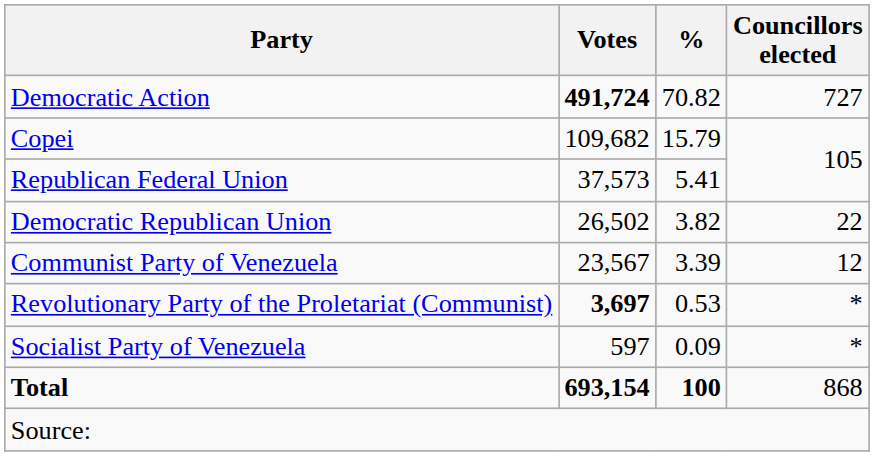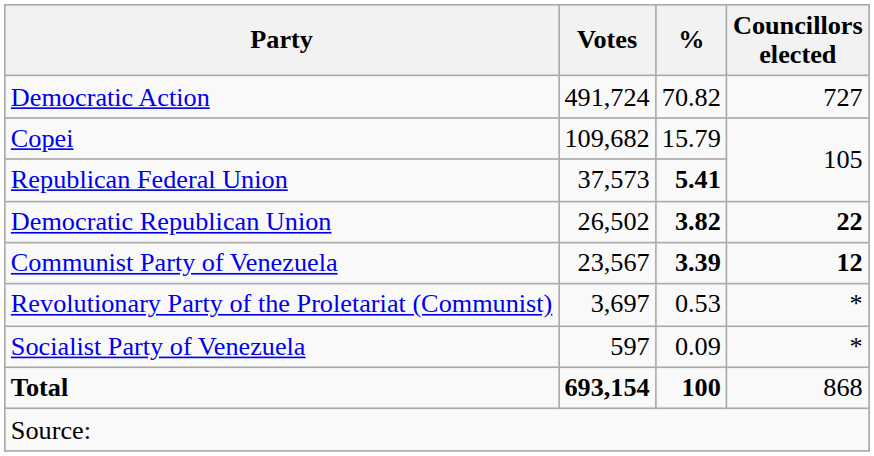 <table class=wikitable style=text-align:right>
 <tr>
 <th>Party</th>
 <th>Votes</th>
 <th>%</th>
 <th>Councillors<br>elected</th>
 </tr>
 <tr>
 <td align=left><a href='#'>Democratic Action</a></td>
-<td><strong>491,724</strong></td>
+<td>491,724</td>
 <td>70.82</td>
 <td>727</td>
 </tr>
 <tr>
 <td align=left><a href='#'>Copei</a></td>
 <td>109,682</td>
 <td>15.79</td>
 <td rowspan=2>105</td>
 </tr>
 <tr>
 <td align=left><a href='#'>Republican Federal Union</a></td>
 <td>37,573</td>
-<td>5.41</td>
+<td><strong>5.41</strong></td>
 </tr>
 <tr>
 <td align=left><a href='#'>Democratic Republican Union</a></td>
 <td>26,502</td>
-<td>3.82</td>
-<td>22</td>
+<td><strong>3.82</strong></td>
+<td><strong>22</strong></td>
 </tr>
 <tr>
 <td align=left><a href='#'>Communist Party of Venezuela</a></td>
 <td>23,567</td>
-<td>3.39</td>
-<td>12</td>
+<td><strong>3.39</strong></td>
+<td><strong>12</strong></td>
 </tr>
 <tr>
 <td align=left><a href='#'>Revolutionary Party of the Proletariat (Communist)</a></td>
-<td><strong>3,697</strong></td>
+<td>3,697</td>
 <td>0.53</td>
 <td>*</td>
 </tr>
 <tr>
 <td align=left><a href='#'>Socialist Party of Venezuela</a></td>
 <td>597</td>
 <td>0.09</td>
 <td>*</td>
 </tr>
 <tr>
 <td align=left><strong>Total</strong></td>
 <td><strong>693,154</strong></td>
 <td><strong>100</strong></td>
 <td>868</td>
 </tr>
 <tr>
 <td align=left colspan=5>Source:</td>
 </tr>
 </table>
